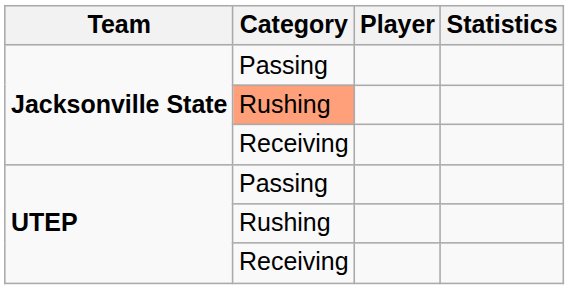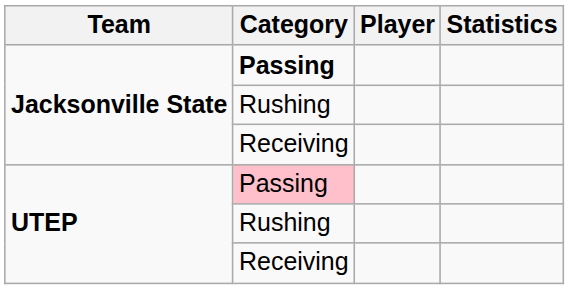 <table class="wikitable" style="float: right;">
 <tr>
 <th>Team</th>
 <th>Category</th>
 <th>Player</th>
 <th>Statistics</th>
 </tr>
 <tr>
 <td rowspan=3><strong>Jacksonville State</strong></td>
-<td>Passing</td>
+<td><strong>Passing</strong></td>
 <td></td>
 <td></td>
 </tr>
 <tr>
-<td style="background: lightsalmon;">Rushing</td>
+<td>Rushing</td>
 <td></td>
 <td></td>
 </tr>
 <tr>
 <td>Receiving</td>
 <td></td>
 <td></td>
 </tr>
 <tr>
 <td rowspan=3><strong>UTEP</strong></td>
-<td>Passing</td>
+<td style="background: pink;">Passing</td>
 <td></td>
 <td></td>
 </tr>
 <tr>
 <td>Rushing</td>
 <td></td>
 <td></td>
 </tr>
 <tr>
 <td>Receiving</td>
 <td></td>
 <td></td>
 </tr>
 </table>
